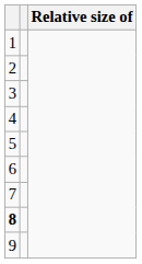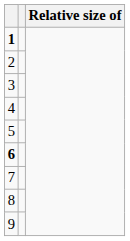 <table class="wikitable">
 <tr>
 <th></th>
 <th></th>
 <th>Relative size of </th>
 </tr>
 <tr>
-<td>1</td>
+<td><strong>1</strong></td>
 <td> </td>
 </tr>
 <tr>
 <td>2</td>
 <td> </td>
 </tr>
 <tr>
 <td>3</td>
 <td> </td>
 </tr>
 <tr>
 <td>4</td>
 <td> </td>
 </tr>
 <tr>
 <td>5</td>
 <td> </td>
 </tr>
 <tr>
-<td>6</td>
+<td><strong>6</strong></td>
 <td> </td>
 </tr>
 <tr>
 <td>7</td>
 <td> </td>
 </tr>
 <tr>
-<td><strong>8</strong></td>
+<td>8</td>
 <td> </td>
 </tr>
 <tr>
 <td>9</td>
 <td> </td>
 </tr>
 </table>
